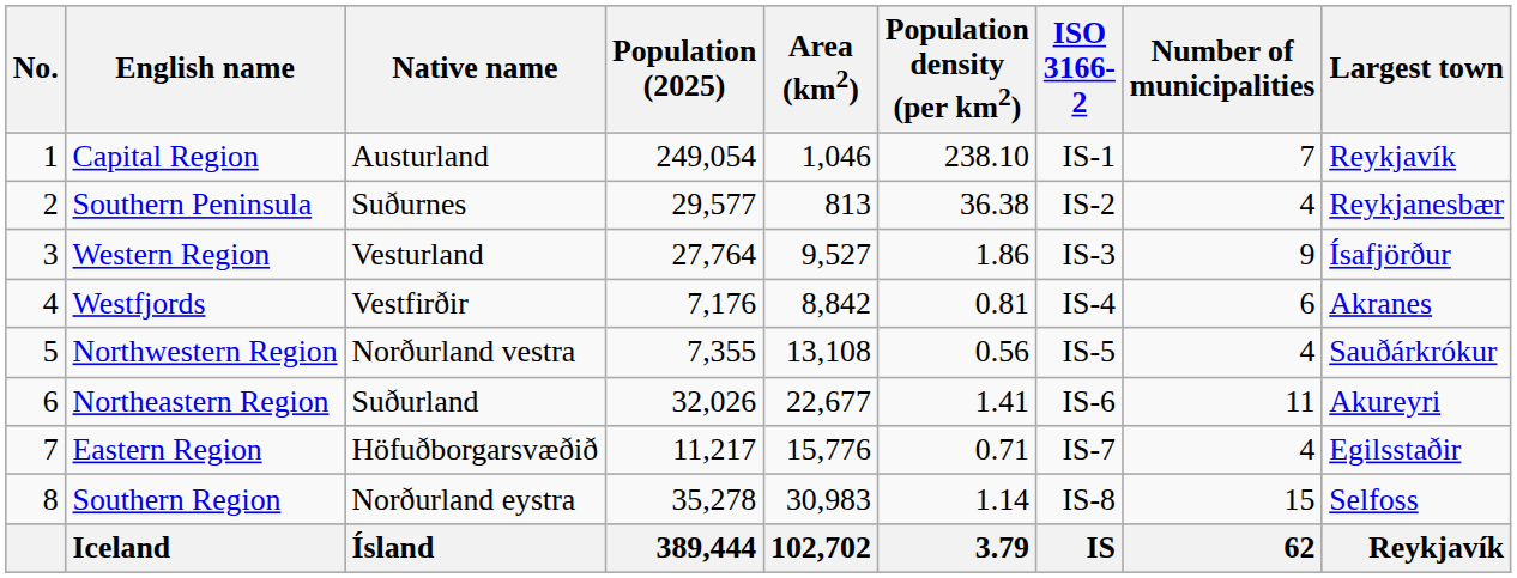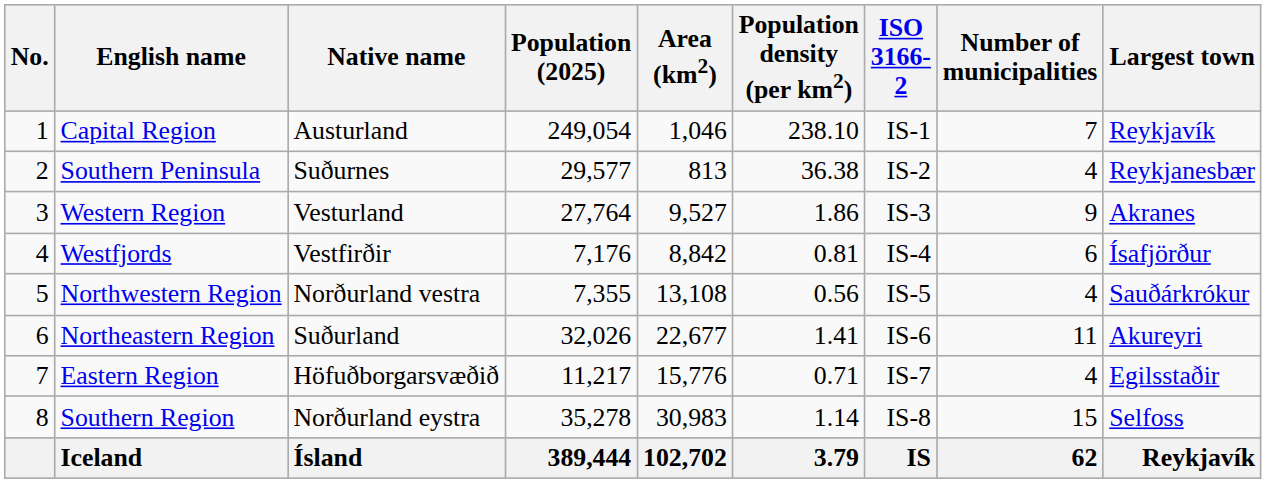 <table class="wikitable sortable" style="text-align: right;”">
 <tr>
 <th>No.</th>
 <th>English name</th>
 <th>Native name</th>
 <th>Population<br>(2025)</th>
 <th>Area (km<sup>2</sup>)</th>
 <th style="width: 8.5em;">Population density (per km<sup>2</sup>)</th>
 <th><a href='#'>ISO 3166-2</a></th>
 <th style="width: 7.0em;">Number of municipalities</th>
 <th style="width: 7.0em;">Largest town</th>
 </tr>
 <tr>
 <td>1</td>
 <td style="text-align: left;"><a href='#'>Capital Region</a></td>
 <td style="text-align: left;">Austurland</td>
 <td>249,054</td>
 <td>1,046</td>
 <td>238.10</td>
 <td>IS-1</td>
 <td>7</td>
 <td style="text-align: left;"><a href='#'>Reykjavík</a></td>
 </tr>
 <tr>
 <td>2</td>
 <td style="text-align: left;"><a href='#'>Southern Peninsula</a></td>
 <td style="text-align: left;">Suðurnes</td>
 <td>29,577</td>
 <td>813</td>
 <td>36.38</td>
 <td>IS-2</td>
 <td>4</td>
 <td style="text-align: left;"><a href='#'>Reykjanesbær</a></td>
 </tr>
 <tr>
 <td>3</td>
 <td style="text-align: left;"><a href='#'>Western Region</a></td>
 <td style="text-align: left;">Vesturland</td>
 <td>27,764</td>
 <td>9,527</td>
 <td>1.86</td>
 <td>IS-3</td>
 <td>9</td>
-<td style="text-align: left;"><a href='#'>Ísafjörður</a></td>
+<td style="text-align: left;"><a href='#'>Akranes</a></td>
 </tr>
 <tr>
 <td>4</td>
 <td style="text-align: left;"><a href='#'>Westfjords</a></td>
 <td style="text-align: left;">Vestfirðir</td>
 <td>7,176</td>
 <td>8,842</td>
 <td>0.81</td>
 <td>IS-4</td>
 <td>6</td>
-<td style="text-align: left;"><a href='#'>Akranes</a></td>
+<td style="text-align: left;"><a href='#'>Ísafjörður</a></td>
 </tr>
 <tr>
 <td>5</td>
 <td style="text-align: left;"><a href='#'>Northwestern Region</a></td>
 <td style="text-align: left;">Norðurland vestra</td>
 <td>7,355</td>
 <td>13,108</td>
 <td>0.56</td>
 <td>IS-5</td>
 <td>4</td>
 <td style="text-align: left;"><a href='#'>Sauðárkrókur</a></td>
 </tr>
 <tr>
 <td>6</td>
 <td style="text-align: left;"><a href='#'>Northeastern Region</a></td>
 <td style="text-align: left;">Suðurland</td>
 <td>32,026</td>
 <td>22,677</td>
 <td>1.41</td>
 <td>IS-6</td>
 <td>11</td>
 <td style="text-align: left;"><a href='#'>Akureyri</a></td>
 </tr>
 <tr>
 <td>7</td>
 <td style="text-align: left;"><a href='#'>Eastern Region</a></td>
 <td style="text-align: left;">Höfuðborgarsvæðið</td>
 <td>11,217</td>
 <td>15,776</td>
 <td>0.71</td>
 <td>IS-7</td>
 <td>4</td>
 <td style="text-align: left;"><a href='#'>Egilsstaðir</a></td>
 </tr>
 <tr>
 <td>8</td>
 <td style="text-align: left;"><a href='#'>Southern Region</a></td>
 <td style="text-align: left;">Norðurland eystra</td>
 <td>35,278</td>
 <td>30,983</td>
 <td>1.14</td>
 <td>IS-8</td>
 <td>15</td>
 <td style="text-align: left;"><a href='#'>Selfoss</a></td>
 </tr>
 <tr>
 <th></th>
 <th style="text-align: left;">Iceland</th>
 <th style="text-align: left;">Ísland</th>
 <th style="text-align: right;">389,444</th>
 <th style="text-align: right;">102,702</th>
 <th style="text-align: right;">3.79</th>
 <th style="text-align: right;">IS</th>
 <th style="text-align: right;">62</th>
 <th style="text-align: right;">Reykjavík</th>
 </tr>
 </table>
